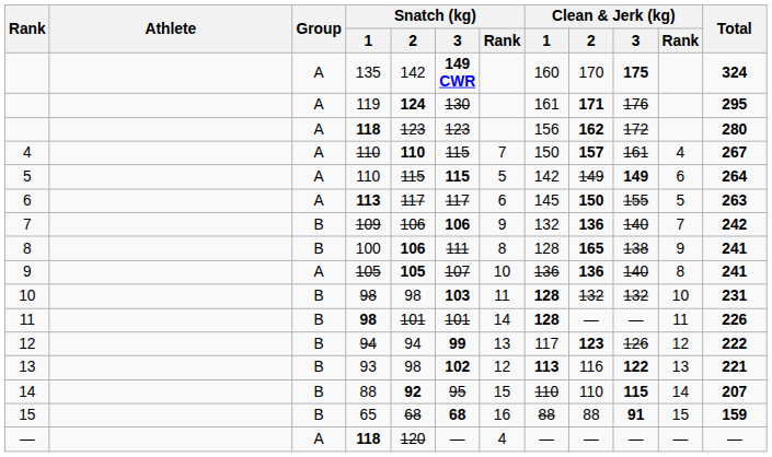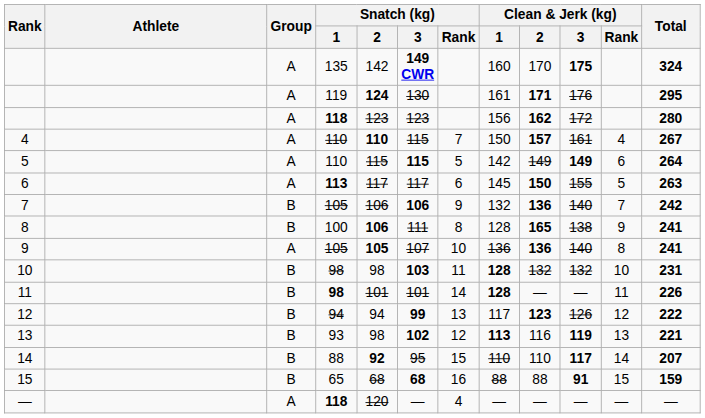 <table class = "wikitable" style="text-align:center;">
 <tr>
 <th rowspan=2 width=40>Rank</th>
 <th rowspan=2 width=250>Athlete</th>
 <th rowspan=2 width=50>Group</th>
 <th colspan=4>Snatch (kg)</th>
 <th colspan=4>Clean & Jerk (kg)</th>
 <th rowspan=2 width=60>Total</th>
 </tr>
 <tr>
 <th width=40>1</th>
 <th width=40>2</th>
 <th width=40>3</th>
 <th width=40>Rank</th>
 <th width=40>1</th>
 <th width=40>2</th>
 <th width=40>3</th>
 <th width=40>Rank</th>
 </tr>
 <tr>
 <td></td>
 <td align=left></td>
 <td>A</td>
 <td>135</td>
 <td>142</td>
 <td><strong>149 <a href='#'>CWR</a></strong></td>
 <td></td>
 <td>160</td>
 <td>170</td>
 <td><strong>175</strong></td>
 <td></td>
 <td><strong>324</strong></td>
 </tr>
 <tr>
 <td></td>
 <td align=left></td>
 <td>A</td>
 <td>119</td>
 <td><strong>124</strong></td>
 <td><s>130</s></td>
 <td></td>
 <td>161</td>
 <td><strong>171</strong></td>
 <td><s>176</s></td>
 <td></td>
 <td><strong>295</strong></td>
 </tr>
 <tr>
 <td></td>
 <td align=left></td>
 <td>A</td>
 <td><strong>118</strong></td>
 <td><s>123</s></td>
 <td><s>123</s></td>
 <td></td>
 <td>156</td>
 <td><strong>162</strong></td>
 <td><s>172</s></td>
 <td></td>
 <td><strong>280</strong></td>
 </tr>
 <tr>
 <td>4</td>
 <td align=left></td>
 <td>A</td>
 <td><s>110</s></td>
 <td><strong>110</strong></td>
 <td><s>115</s></td>
 <td>7</td>
 <td>150</td>
 <td><strong>157</strong></td>
 <td><s>161</s></td>
 <td>4</td>
 <td><strong>267</strong></td>
 </tr>
 <tr>
 <td>5</td>
 <td align=left></td>
 <td>A</td>
 <td>110</td>
 <td><s>115</s></td>
 <td><strong>115</strong></td>
 <td>5</td>
 <td>142</td>
 <td><s>149</s></td>
 <td><strong>149</strong></td>
 <td>6</td>
 <td><strong>264</strong></td>
 </tr>
 <tr>
 <td>6</td>
 <td align=left></td>
 <td>A</td>
 <td><strong>113</strong></td>
 <td><s>117</s></td>
 <td><s>117</s></td>
 <td>6</td>
 <td>145</td>
 <td><strong>150</strong></td>
 <td><s>155</s></td>
 <td>5</td>
 <td><strong>263</strong></td>
 </tr>
 <tr>
 <td>7</td>
 <td align=left></td>
 <td>B</td>
-<td><s>109</s></td>
+<td><s>105</s></td>
 <td><s>106</s></td>
 <td><strong>106</strong></td>
 <td>9</td>
 <td>132</td>
 <td><strong>136</strong></td>
 <td><s>140</s></td>
 <td>7</td>
 <td><strong>242</strong></td>
 </tr>
 <tr>
 <td>8</td>
 <td align=left></td>
 <td>B</td>
 <td>100</td>
 <td><strong>106</strong></td>
 <td><s>111</s></td>
 <td>8</td>
 <td>128</td>
 <td><strong>165</strong></td>
 <td><s>138</s></td>
 <td>9</td>
 <td><strong>241</strong></td>
 </tr>
 <tr>
 <td>9</td>
 <td align=left></td>
 <td>A</td>
 <td><s>105</s></td>
 <td><strong>105</strong></td>
 <td><s>107</s></td>
 <td>10</td>
 <td><s>136</s></td>
 <td><strong>136</strong></td>
 <td><s>140</s></td>
 <td>8</td>
 <td><strong>241</strong></td>
 </tr>
 <tr>
 <td>10</td>
 <td align=left></td>
 <td>B</td>
 <td><s>98</s></td>
 <td>98</td>
 <td><strong>103</strong></td>
 <td>11</td>
 <td><strong>128</strong></td>
 <td><s>132</s></td>
 <td><s>132</s></td>
 <td>10</td>
 <td><strong>231</strong></td>
 </tr>
 <tr>
 <td>11</td>
 <td align=left></td>
 <td>B</td>
 <td><strong>98</strong></td>
 <td><s>101</s></td>
 <td><s>101</s></td>
 <td>14</td>
 <td><strong>128</strong></td>
 <td>—</td>
 <td>—</td>
 <td>11</td>
 <td><strong>226</strong></td>
 </tr>
 <tr>
 <td>12</td>
 <td align=left></td>
 <td>B</td>
 <td><s>94</s></td>
 <td>94</td>
 <td><strong>99</strong></td>
 <td>13</td>
 <td>117</td>
 <td><strong>123</strong></td>
 <td><s>126</s></td>
 <td>12</td>
 <td><strong>222</strong></td>
 </tr>
 <tr>
 <td>13</td>
 <td align=left></td>
 <td>B</td>
 <td>93</td>
 <td>98</td>
 <td><strong>102</strong></td>
 <td>12</td>
 <td><strong>113</strong></td>
 <td>116</td>
-<td><strong>122</strong></td>
+<td><strong>119</strong></td>
 <td>13</td>
 <td><strong>221</strong></td>
 </tr>
 <tr>
 <td>14</td>
 <td align=left></td>
 <td>B</td>
 <td>88</td>
 <td><strong>92</strong></td>
 <td><s>95</s></td>
 <td>15</td>
 <td><s>110</s></td>
 <td>110</td>
-<td><strong>115</strong></td>
+<td><strong>117</strong></td>
 <td>14</td>
 <td><strong>207</strong></td>
 </tr>
 <tr>
 <td>15</td>
 <td align=left></td>
 <td>B</td>
 <td>65</td>
 <td><s>68</s></td>
 <td><strong>68</strong></td>
 <td>16</td>
 <td><s>88</s></td>
 <td>88</td>
 <td><strong>91</strong></td>
 <td>15</td>
 <td><strong>159</strong></td>
 </tr>
 <tr>
 <td>—</td>
 <td align=left></td>
 <td>A</td>
 <td><strong>118</strong></td>
 <td><s>120</s></td>
 <td>—</td>
 <td>4</td>
 <td>—</td>
 <td>—</td>
 <td>—</td>
 <td>—</td>
 <td>—</td>
 </tr>
 </table>
